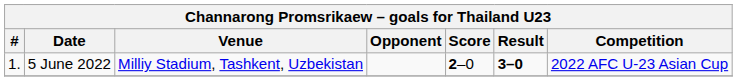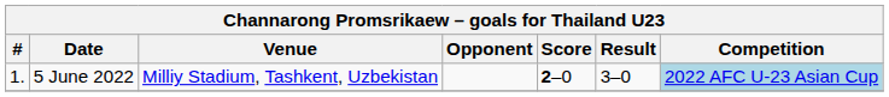 <table class="wikitable" style="font-size:90%;">
 <tr>
 <th colspan="8"><strong>Channarong Promsrikaew – goals for Thailand U23</strong></th>
 </tr>
 <tr>
 <th>#</th>
 <th>Date</th>
 <th>Venue</th>
 <th>Opponent</th>
 <th>Score</th>
 <th>Result</th>
 <th>Competition</th>
 </tr>
 <tr>
 <td>1.</td>
 <td>5 June 2022</td>
 <td><a href='#'>Milliy Stadium</a>, <a href='#'>Tashkent</a>, <a href='#'>Uzbekistan</a></td>
 <td></td>
 <td><strong>2</strong>–0</td>
-<td><strong>3–0</strong></td>
-<td><a href='#'>2022 AFC U-23 Asian Cup</a></td>
+<td>3–0</td>
+<td style="background: lightblue;"><a href='#'>2022 AFC U-23 Asian Cup</a></td>
 </tr>
 <tr>
 </tr>
 </table>
